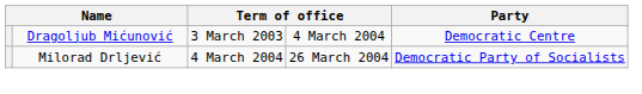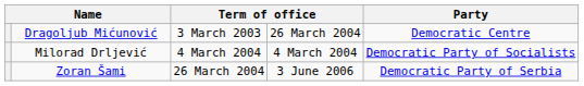 <table class="wikitable" style="text-align:center">
 <tr>
 <th colspan=2 width=180>Name<br></th>
 <th colspan=2>Term of office</th>
 <th>Party</th>
 </tr>
 <tr>
 <th style="background:"></th>
 <td><a href='#'>Dragoljub Mićunović</a><br></td>
 <td>3 March 2003</td>
-<td>4 March 2004</td>
+<td>26 March 2004</td>
 <td><a href='#'>Democratic Centre</a></td>
 </tr>
 <tr>
 <th style="background:"></th>
 <td>Milorad Drljević<br></td>
 <td>4 March 2004</td>
-<td>26 March 2004</td>
+<td>4 March 2004</td>
 <td><a href='#'>Democratic Party of Socialists</a></td>
 </tr>
+<tr>
+<th style="background:"></th>
+<td><a href='#'>Zoran Šami</a><br></td>
+<td>26 March 2004</td>
+<td>3 June 2006</td>
+<td><a href='#'>Democratic Party of Serbia</a></td>
+</tr>
 </table>
